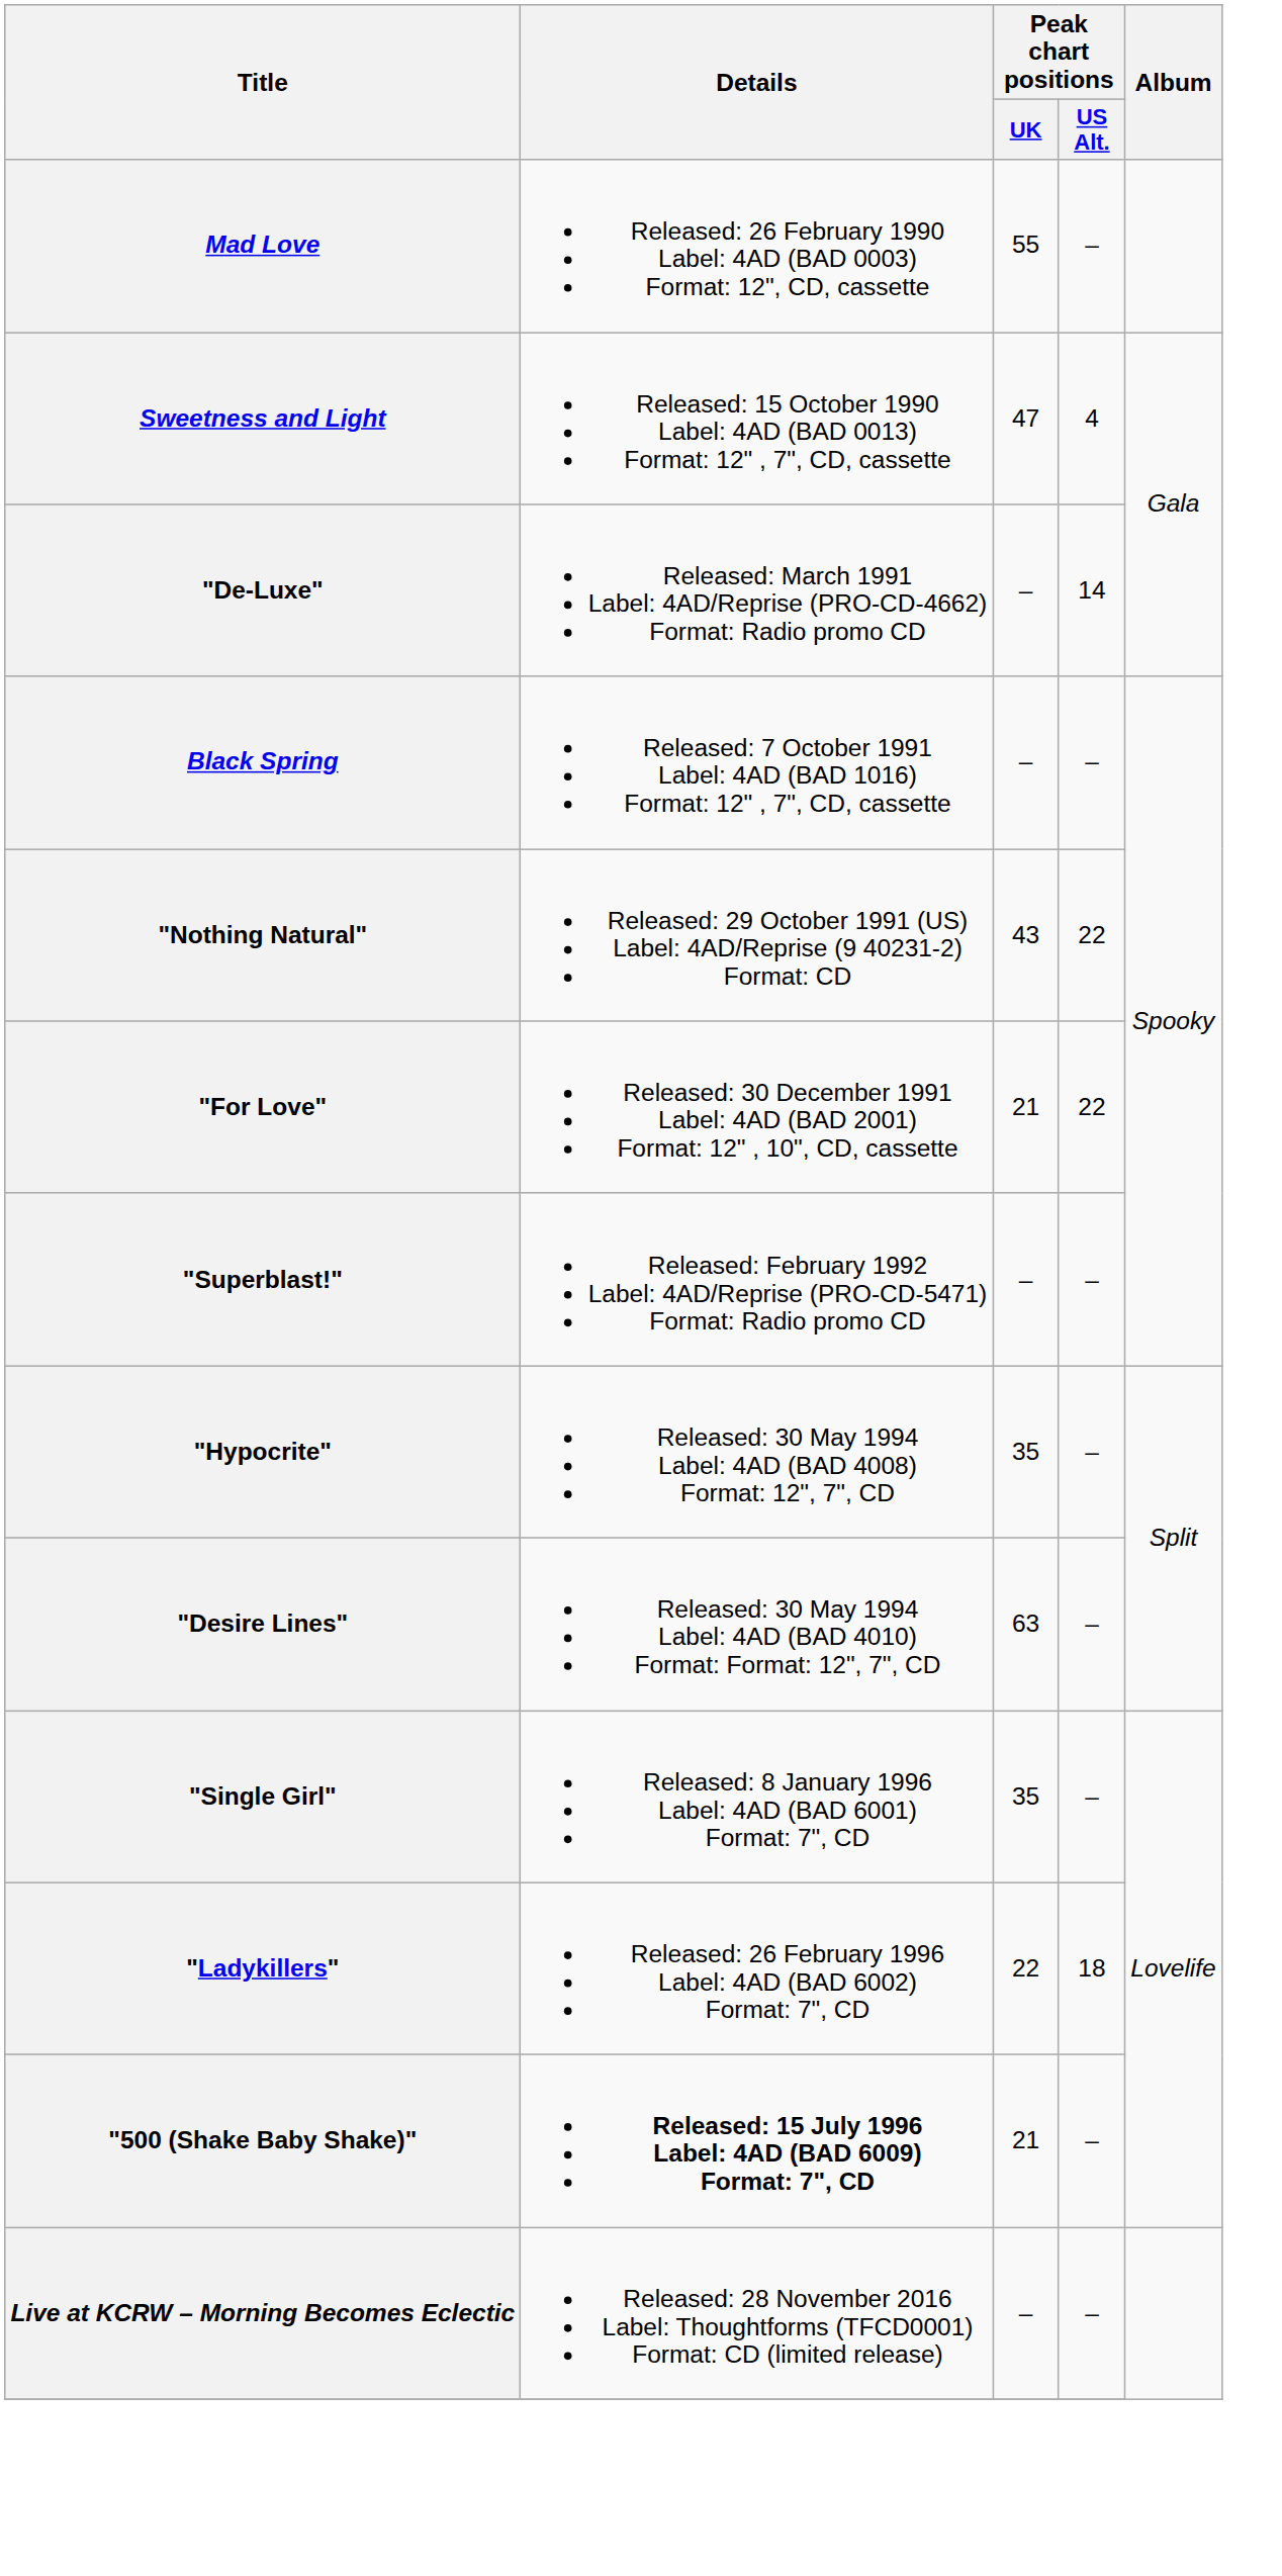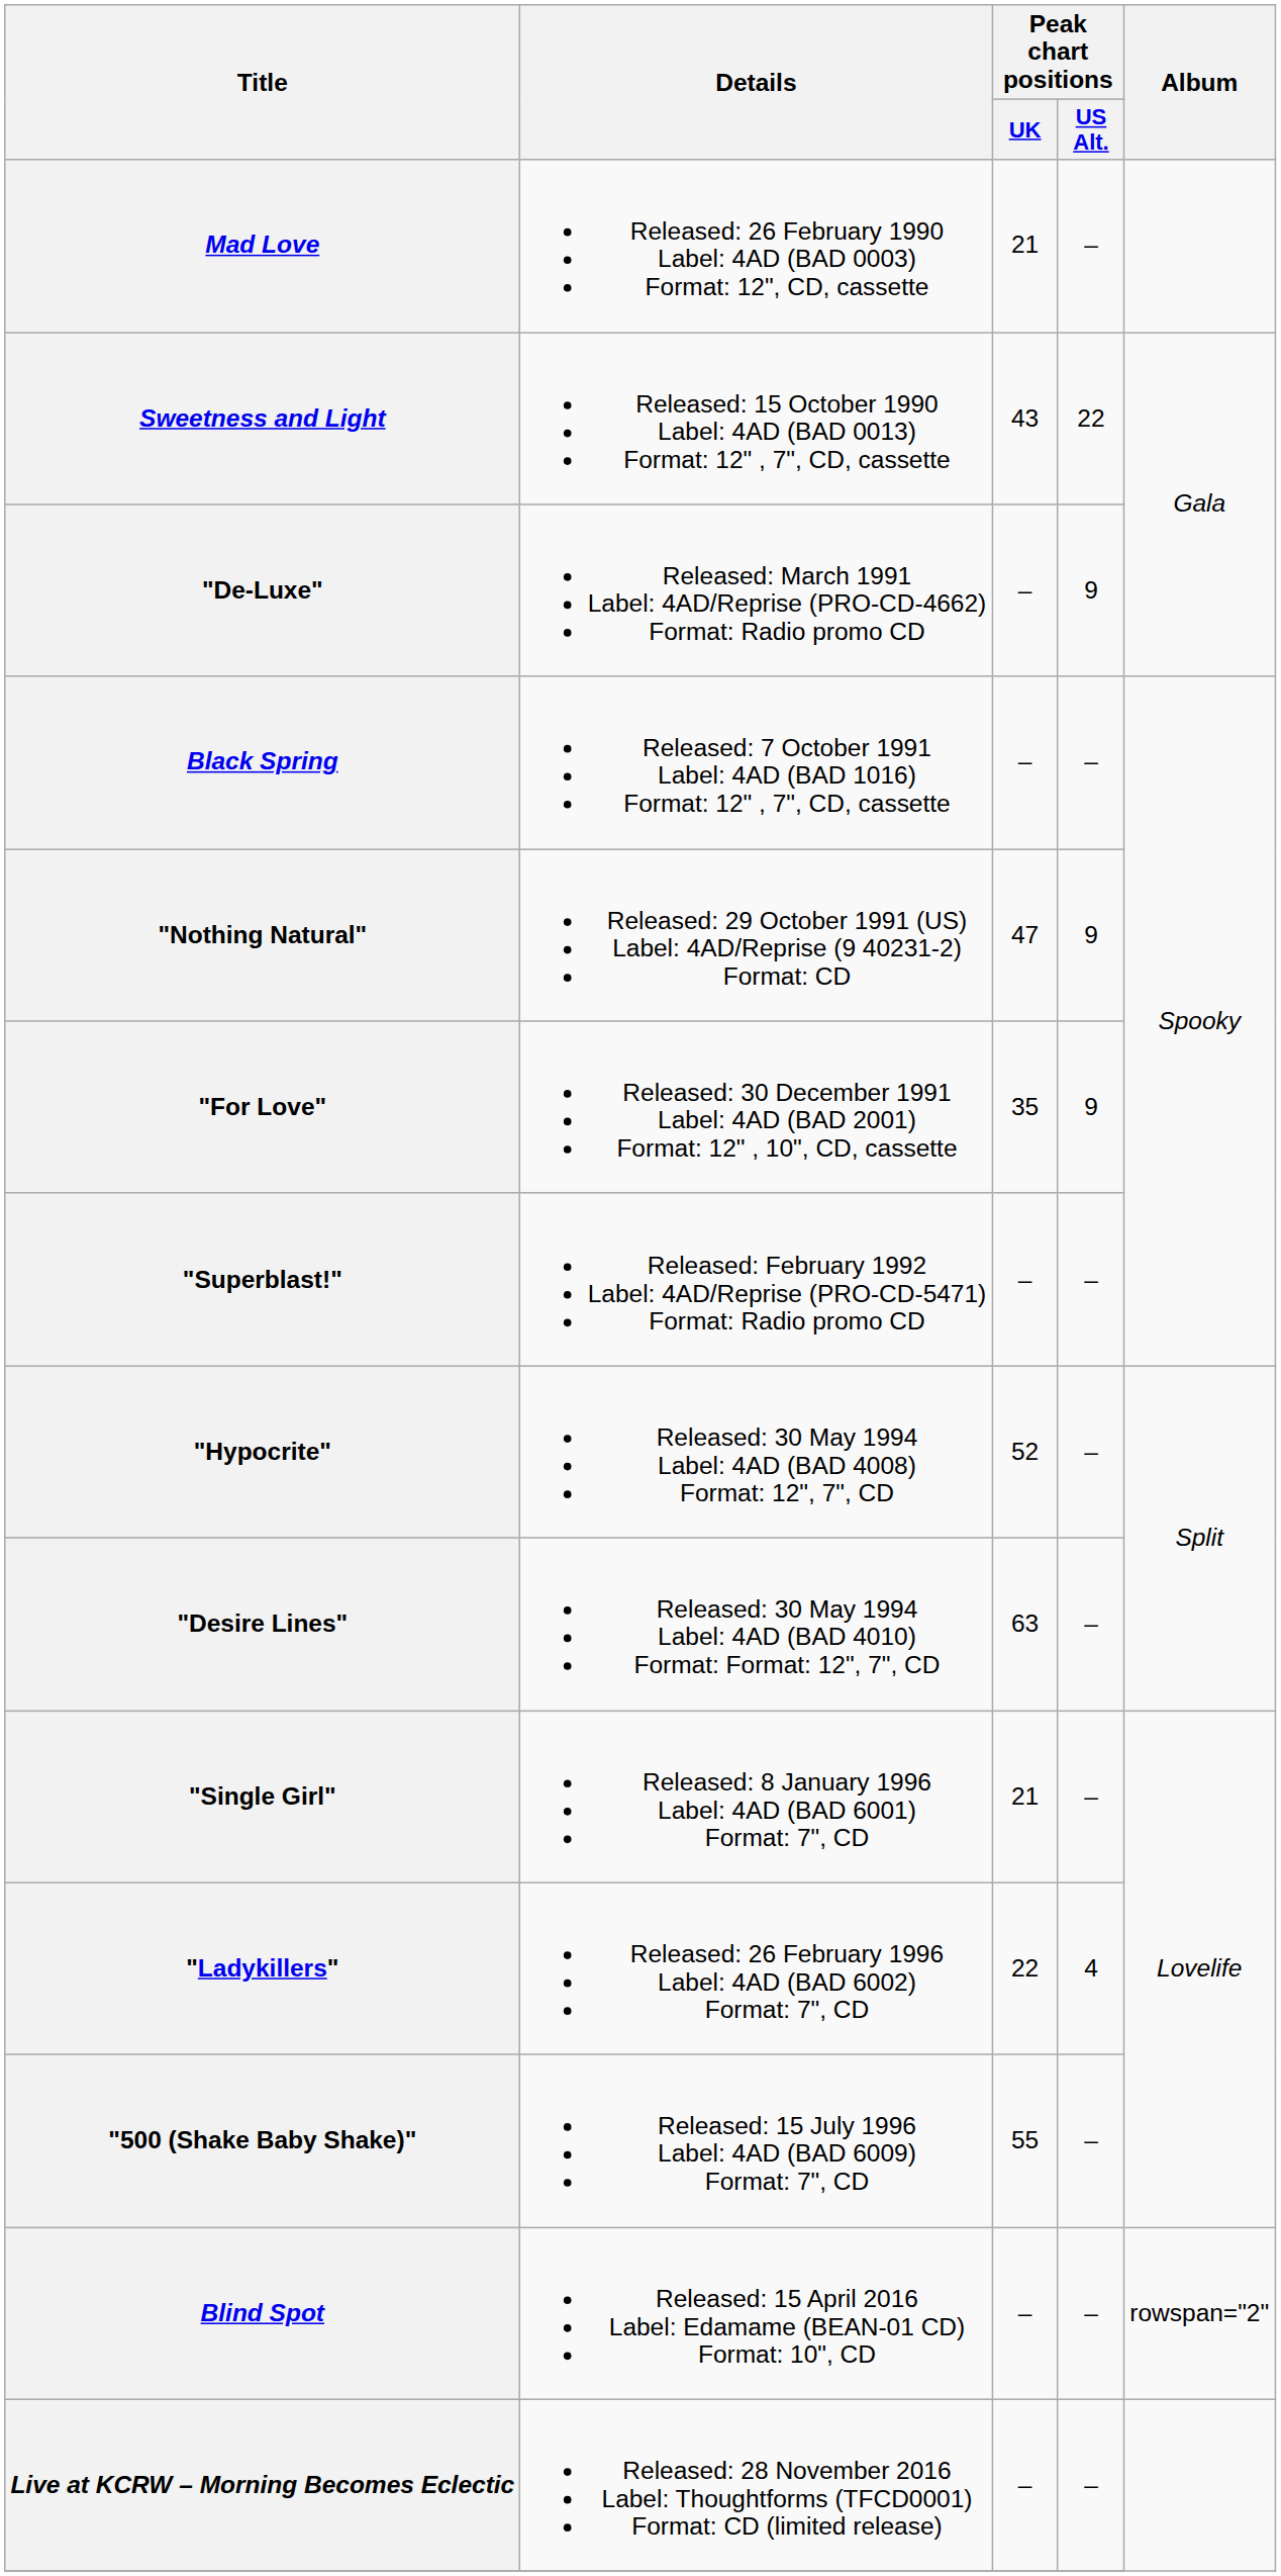 <table class="wikitable plainrowheaders" style="text-align:center;">
 <tr>
 <th rowspan="2">Title</th>
 <th rowspan="2">Details</th>
 <th colspan="2">Peak chart positions</th>
 <th rowspan="2">Album</th>
 </tr>
 <tr>
 <th scope="col" style="width:2.5em;font-size:90%;"><a href='#'>UK</a><br></th>
 <th scope="col" style="width:2.5em;font-size:90%;"><a href='#'>US<br>Alt.</a><br></th>
 </tr>
 <tr>
 <th scope="row"><em><a href='#'>Mad Love</a></em></th>
 <td><br><ul><li>Released: 26 February 1990</li><li>Label: 4AD (BAD 0003)</li><li>Format: 12", CD, cassette</li></ul></td>
-<td>55</td>
+<td>21</td>
 <td>–</td>
 <td></td>
 </tr>
 <tr>
 <th scope="row"><em><a href='#'>Sweetness and Light</a></em></th>
 <td><br><ul><li>Released: 15 October 1990</li><li>Label: 4AD (BAD 0013)</li><li>Format: 12" , 7", CD, cassette</li></ul></td>
-<td>47</td>
-<td>4</td>
+<td>43</td>
+<td>22</td>
 <td rowspan="2"><em>Gala</em></td>
 </tr>
 <tr>
 <th scope="row">"De-Luxe"</th>
 <td><br><ul><li>Released: March 1991</li><li>Label: 4AD/Reprise (PRO-CD-4662)</li><li>Format: Radio promo CD</li></ul></td>
 <td>–</td>
-<td>14</td>
+<td>9</td>
 </tr>
 <tr>
 <th scope="row"><em><a href='#'>Black Spring</a></em></th>
 <td><br><ul><li>Released: 7 October 1991</li><li>Label: 4AD (BAD 1016)</li><li>Format: 12" , 7", CD, cassette</li></ul></td>
 <td>–</td>
 <td>–</td>
 <td rowspan="4"><em>Spooky</em></td>
 </tr>
 <tr>
 <th scope="row">"Nothing Natural"</th>
 <td><br><ul><li>Released: 29 October 1991 (US)</li><li>Label: 4AD/Reprise (9 40231-2)</li><li>Format: CD</li></ul></td>
-<td>43</td>
-<td>22</td>
+<td>47</td>
+<td>9</td>
 </tr>
 <tr>
 <th scope="row">"For Love"</th>
 <td><br><ul><li>Released: 30 December 1991</li><li>Label: 4AD (BAD 2001)</li><li>Format: 12" , 10", CD, cassette</li></ul></td>
-<td>21</td>
-<td>22</td>
+<td>35</td>
+<td>9</td>
 </tr>
 <tr>
 <th scope="row">"Superblast!"</th>
 <td><br><ul><li>Released: February 1992</li><li>Label: 4AD/Reprise (PRO-CD-5471)</li><li>Format: Radio promo CD</li></ul></td>
 <td>–</td>
 <td>–</td>
 </tr>
 <tr>
 <th scope="row">"Hypocrite"</th>
 <td><br><ul><li>Released: 30 May 1994</li><li>Label: 4AD (BAD 4008)</li><li>Format: 12", 7", CD</li></ul></td>
-<td>35</td>
+<td>52</td>
 <td>–</td>
 <td rowspan="2"><em>Split</em></td>
 </tr>
 <tr>
 <th scope="row">"Desire Lines"</th>
 <td><br><ul><li>Released: 30 May 1994</li><li>Label: 4AD (BAD 4010)</li><li>Format: Format: 12", 7", CD</li></ul></td>
 <td>63</td>
 <td>–</td>
 </tr>
 <tr>
 <th scope="row">"Single Girl"</th>
 <td><br><ul><li>Released: 8 January 1996</li><li>Label: 4AD (BAD 6001)</li><li>Format: 7", CD</li></ul></td>
-<td>35</td>
+<td>21</td>
 <td>–</td>
 <td rowspan="3"><em>Lovelife</em></td>
 </tr>
 <tr>
 <th scope="row">"<a href='#'>Ladykillers</a>"</th>
 <td><br><ul><li>Released: 26 February 1996</li><li>Label: 4AD (BAD 6002)</li><li>Format: 7", CD</li></ul></td>
 <td>22</td>
-<td>18</td>
+<td>4</td>
 </tr>
 <tr>
 <th scope="row">"500 (Shake Baby Shake)"</th>
-<td><strong><br><ul><li>Released: 15 July 1996</li><li>Label: 4AD (BAD 6009)</li><li>Format: 7", CD</li></ul></strong></td>
-<td>21</td>
+<td><br><ul><li>Released: 15 July 1996</li><li>Label: 4AD (BAD 6009)</li><li>Format: 7", CD</li></ul></td>
+<td>55</td>
 <td>–</td>
+</tr>
+<tr>
+<th scope="row"><em><a href='#'>Blind Spot</a></em></th>
+<td><br><ul><li>Released: 15 April 2016</li><li>Label: Edamame (BEAN-01 CD)</li><li>Format: 10", CD</li></ul></td>
+<td>–</td>
+<td>–</td>
+<td>rowspan="2" </td>
 </tr>
 <tr>
 <th scope="row"><em>Live at KCRW – Morning Becomes Eclectic</em></th>
 <td><br><ul><li>Released: 28 November 2016</li><li>Label: Thoughtforms (TFCD0001)</li><li>Format: CD (limited release)</li></ul></td>
 <td>–</td>
 <td>–</td>
 </tr>
 <tr>
 </tr>
 </table>
